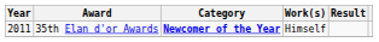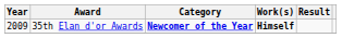 <table class="wikitable">
 <tr>
 <th>Year</th>
 <th>Award</th>
 <th>Category</th>
 <th>Work(s)</th>
 <th>Result</th>
 <th></th>
 </tr>
 <tr>
-<td>2011</td>
+<td>2009</td>
 <td>35th <a href='#'>Elan d'or Awards</a></td>
 <td><strong><a href='#'>Newcomer of the Year</a></strong></td>
-<td>Himself</td>
+<td><strong>Himself</strong></td>
 <td></td>
 <td></td>
 </tr>
 <tr>
 </tr>
 </table>
